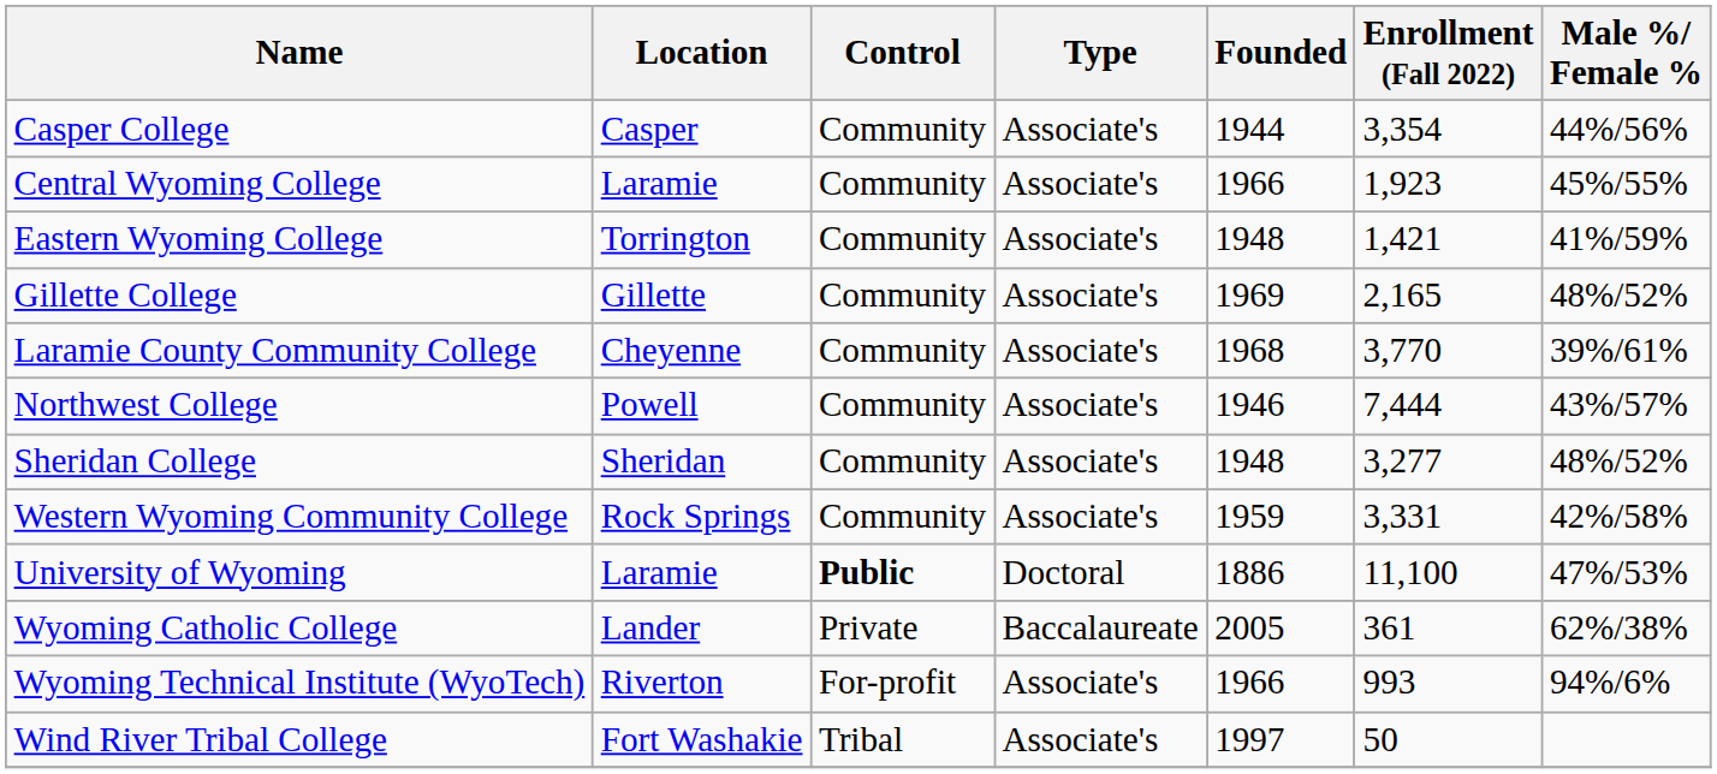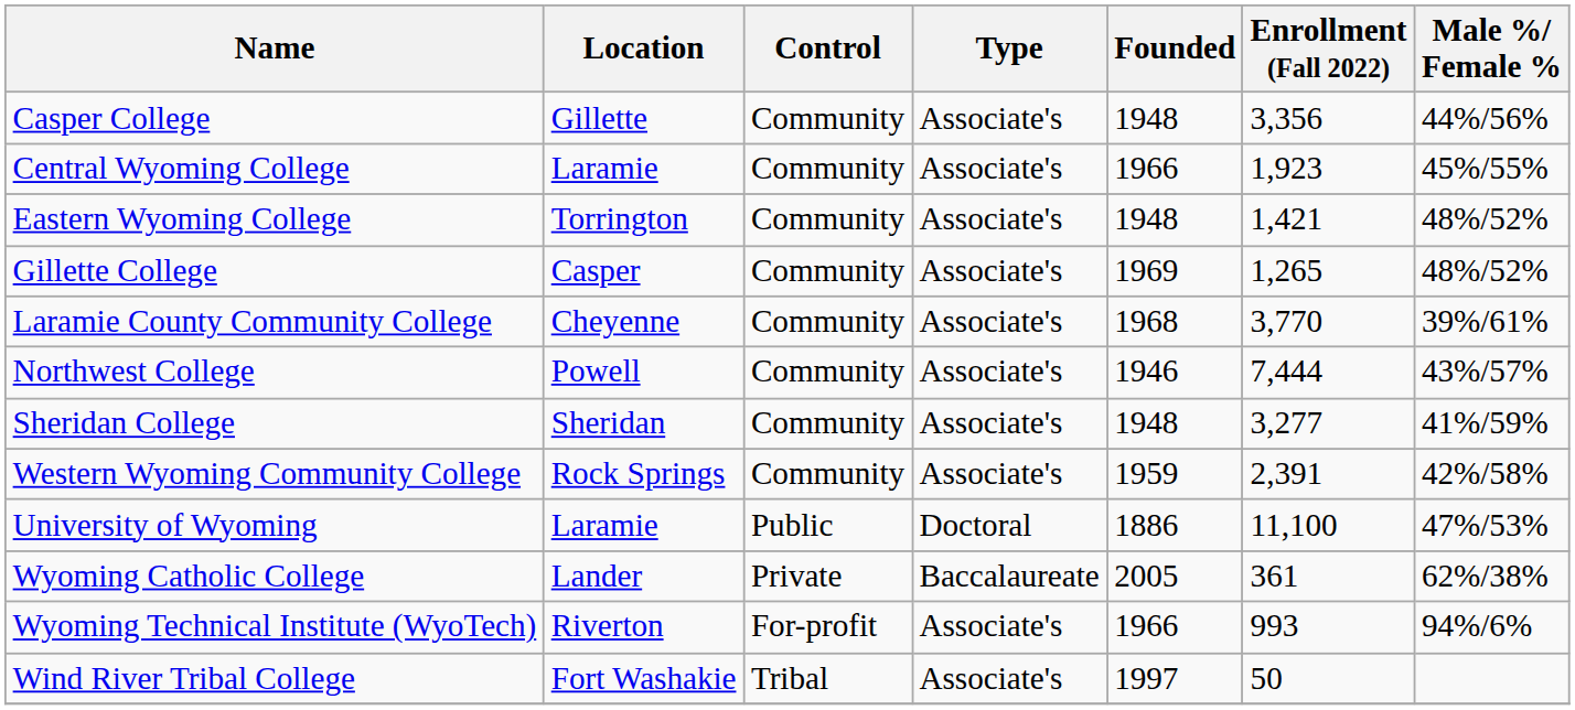 <table class="wikitable sortable" style="text-align:left">
 <tr>
 <th>Name</th>
 <th>Location</th>
 <th>Control</th>
 <th>Type</th>
 <th>Founded</th>
 <th>Enrollment<br><small>(Fall 2022)</small></th>
 <th>Male %/<br>Female %</th>
 </tr>
 <tr>
 <td><a href='#'>Casper College</a></td>
-<td><a href='#'>Casper</a></td>
+<td><a href='#'>Gillette</a></td>
 <td>Community</td>
 <td>Associate's</td>
-<td>1944</td>
-<td>3,354</td>
+<td>1948</td>
+<td>3,356</td>
 <td>44%/56%</td>
 </tr>
 <tr>
 <td><a href='#'>Central Wyoming College</a></td>
 <td><a href='#'>Laramie</a></td>
 <td>Community</td>
 <td>Associate's</td>
 <td>1966</td>
 <td>1,923</td>
 <td>45%/55%</td>
 </tr>
 <tr>
 <td><a href='#'>Eastern Wyoming College</a></td>
 <td><a href='#'>Torrington</a></td>
 <td>Community</td>
 <td>Associate's</td>
 <td>1948</td>
 <td>1,421</td>
-<td>41%/59%</td>
+<td>48%/52%</td>
 </tr>
 <tr>
 <td><a href='#'>Gillette College</a></td>
-<td><a href='#'>Gillette</a></td>
+<td><a href='#'>Casper</a></td>
 <td>Community</td>
 <td>Associate's</td>
 <td>1969</td>
-<td>2,165</td>
+<td>1,265</td>
 <td>48%/52%</td>
 </tr>
 <tr>
 <td><a href='#'>Laramie County Community College</a></td>
 <td><a href='#'>Cheyenne</a></td>
 <td>Community</td>
 <td>Associate's</td>
 <td>1968</td>
 <td>3,770</td>
 <td>39%/61%</td>
 </tr>
 <tr>
 <td><a href='#'>Northwest College</a></td>
 <td><a href='#'>Powell</a></td>
 <td>Community</td>
 <td>Associate's</td>
 <td>1946</td>
 <td>7,444</td>
 <td>43%/57%</td>
 </tr>
 <tr>
 <td><a href='#'>Sheridan College</a></td>
 <td><a href='#'>Sheridan</a></td>
 <td>Community</td>
 <td>Associate's</td>
 <td>1948</td>
 <td>3,277</td>
-<td>48%/52%</td>
+<td>41%/59%</td>
 </tr>
 <tr>
 <td><a href='#'>Western Wyoming Community College</a></td>
 <td><a href='#'>Rock Springs</a></td>
 <td>Community</td>
 <td>Associate's</td>
 <td>1959</td>
-<td>3,331</td>
+<td>2,391</td>
 <td>42%/58%</td>
 </tr>
 <tr>
 <td><a href='#'>University of Wyoming</a></td>
 <td><a href='#'>Laramie</a></td>
-<td><strong>Public</strong></td>
+<td>Public</td>
 <td>Doctoral</td>
 <td>1886</td>
 <td>11,100</td>
 <td>47%/53%</td>
 </tr>
 <tr>
 <td><a href='#'>Wyoming Catholic College</a></td>
 <td><a href='#'>Lander</a></td>
 <td>Private</td>
 <td>Baccalaureate</td>
 <td>2005</td>
 <td>361</td>
 <td>62%/38%</td>
 </tr>
 <tr>
 <td><a href='#'>Wyoming Technical Institute (WyoTech)</a></td>
 <td><a href='#'>Riverton</a></td>
 <td>For-profit</td>
 <td>Associate's</td>
 <td>1966</td>
 <td>993</td>
 <td>94%/6%</td>
 </tr>
 <tr>
 <td><a href='#'>Wind River Tribal College</a></td>
 <td><a href='#'>Fort Washakie</a></td>
 <td>Tribal</td>
 <td>Associate's</td>
 <td>1997</td>
 <td>50</td>
 <td></td>
 </tr>
 <tr>
 </tr>
 </table>
